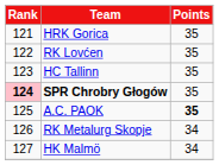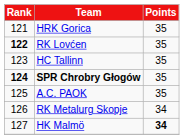 <table class="wikitable" style="text-align: center">
 <tr>
 <th style="color:#FFFFFF; background:#EE1212">Rank</th>
 <th style="color:#FFFFFF; background:#EE1212">Team</th>
 <th style="color:#FFFFFF; background:#EE1212">Points</th>
 </tr>
 <tr>
 <td>121</td>
 <td align=left> <a href='#'>HRK Gorica</a></td>
 <td>35</td>
 </tr>
 <tr>
-<td>122</td>
+<td><strong>122</strong></td>
 <td align=left> <a href='#'>RK Lovćen</a></td>
 <td>35</td>
 </tr>
 <tr>
 <td>123</td>
 <td align=left> <a href='#'>HC Tallinn</a></td>
 <td>35</td>
 </tr>
 <tr>
-<td style="background: pink;"><strong>124</strong></td>
+<td><strong>124</strong></td>
 <td align=left> <strong>SPR Chrobry Głogów</strong></td>
 <td>35</td>
 </tr>
 <tr>
 <td>125</td>
 <td align=left> <a href='#'>A.C. PAOK</a></td>
-<td><strong>35</strong></td>
+<td>35</td>
 </tr>
 <tr>
 <td>126</td>
 <td align=left> <a href='#'>RK Metalurg Skopje</a></td>
 <td>34</td>
 </tr>
 <tr>
 <td>127</td>
 <td align=left> <a href='#'>HK Malmö</a></td>
-<td>34</td>
+<td><strong>34</strong></td>
 </tr>
 <tr>
 </tr>
 </table>
